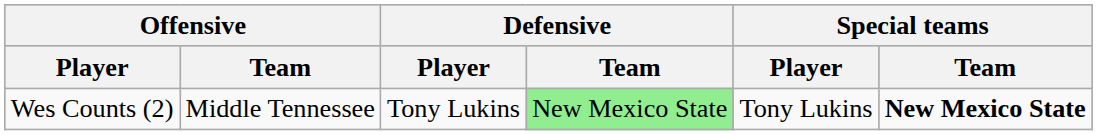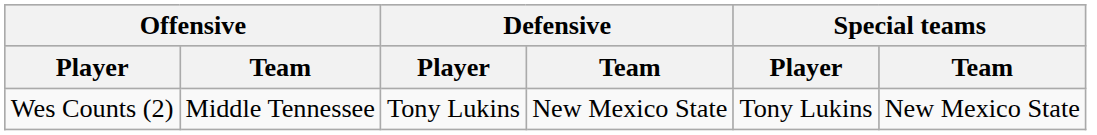 <table class="wikitable">
 <tr>
 <th colspan="2">Offensive</th>
 <th colspan="2">Defensive</th>
 <th colspan="2">Special teams</th>
 </tr>
 <tr>
 <th>Player</th>
 <th>Team</th>
 <th>Player</th>
 <th>Team</th>
 <th>Player</th>
 <th>Team</th>
 </tr>
 <tr>
 <td>Wes Counts (2)</td>
 <td>Middle Tennessee</td>
 <td>Tony Lukins</td>
-<td style="background: lightgreen;">New Mexico State</td>
+<td>New Mexico State</td>
 <td>Tony Lukins</td>
-<td><strong>New Mexico State</strong></td>
+<td>New Mexico State</td>
 </tr>
 </table>
